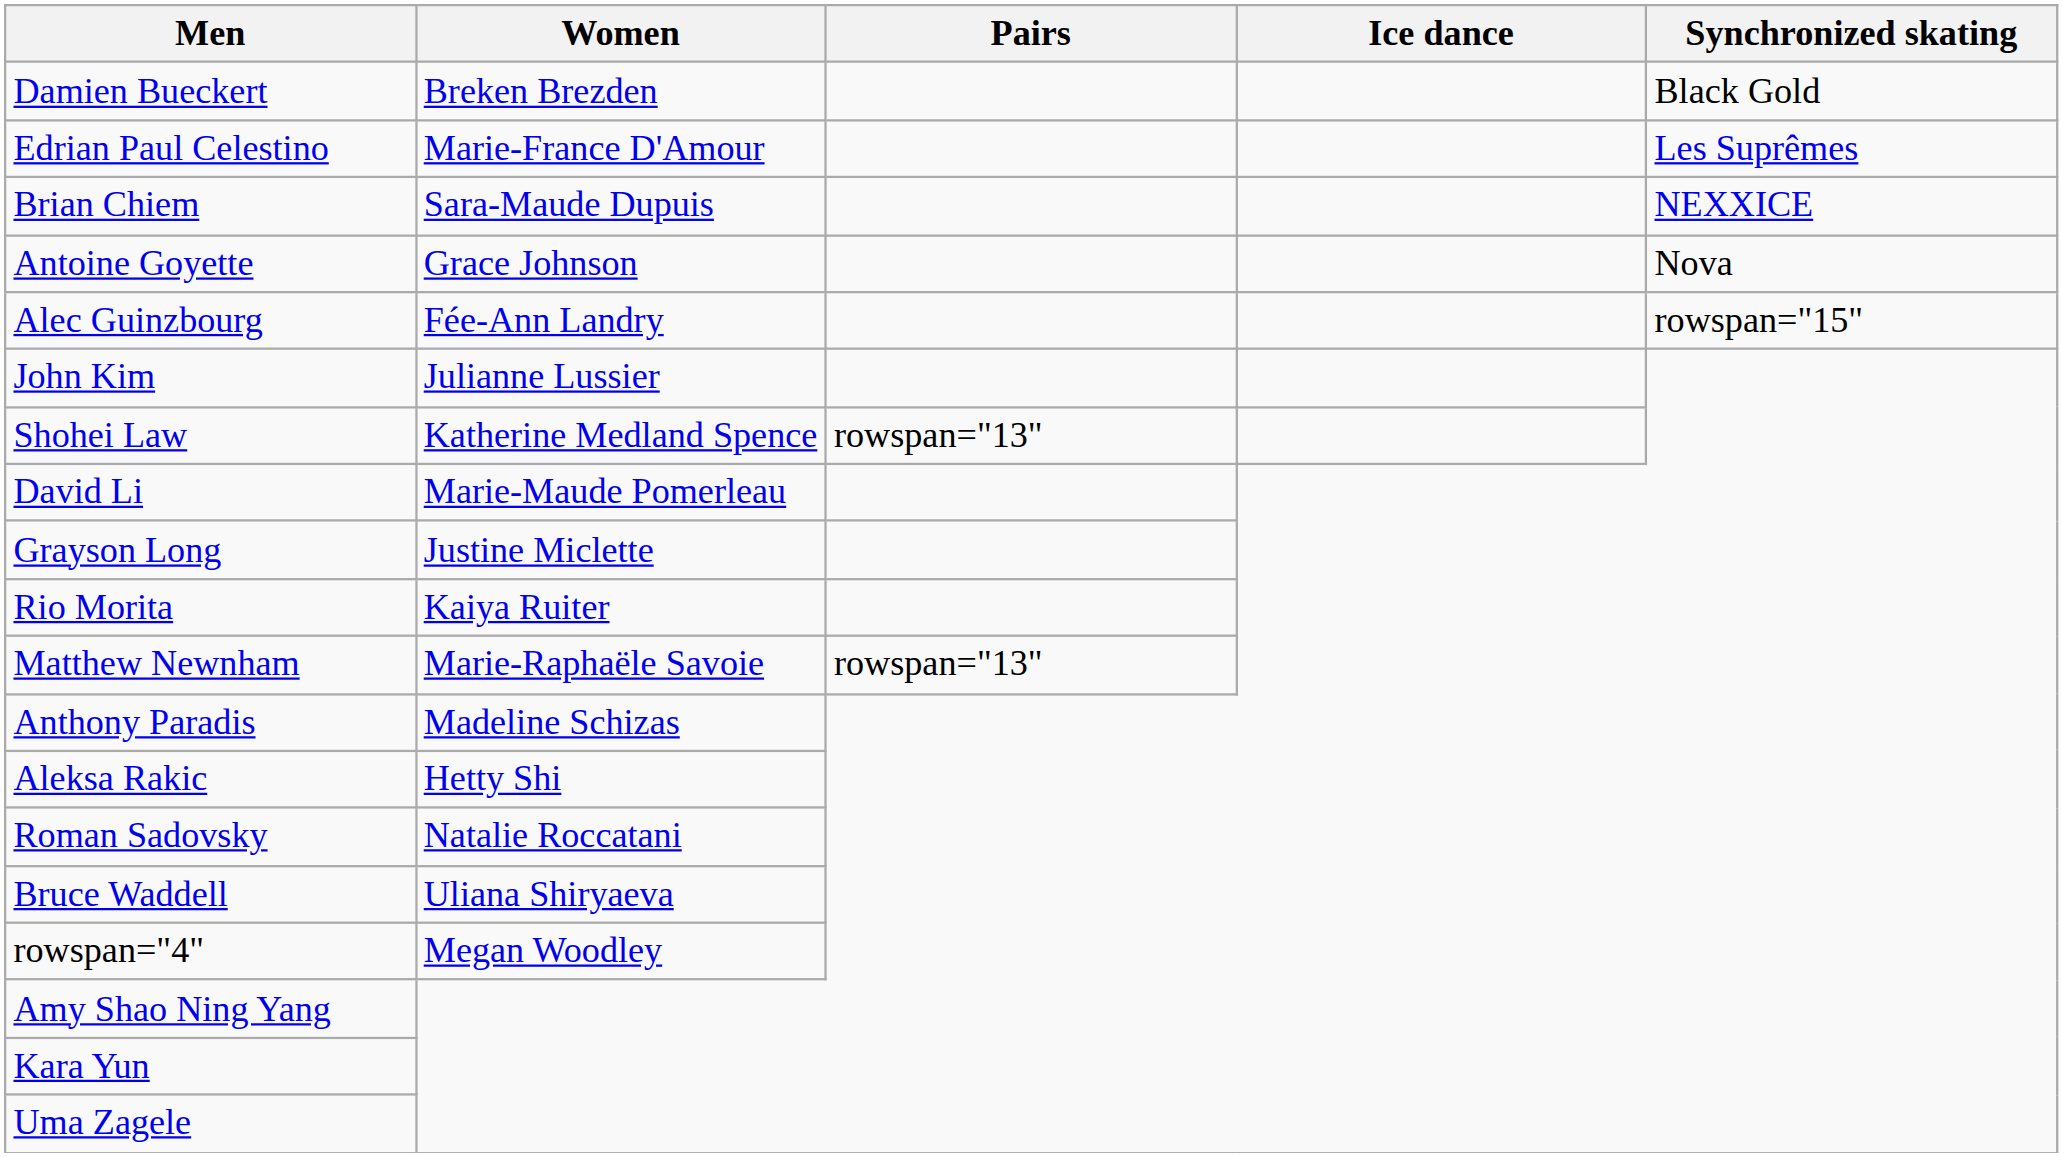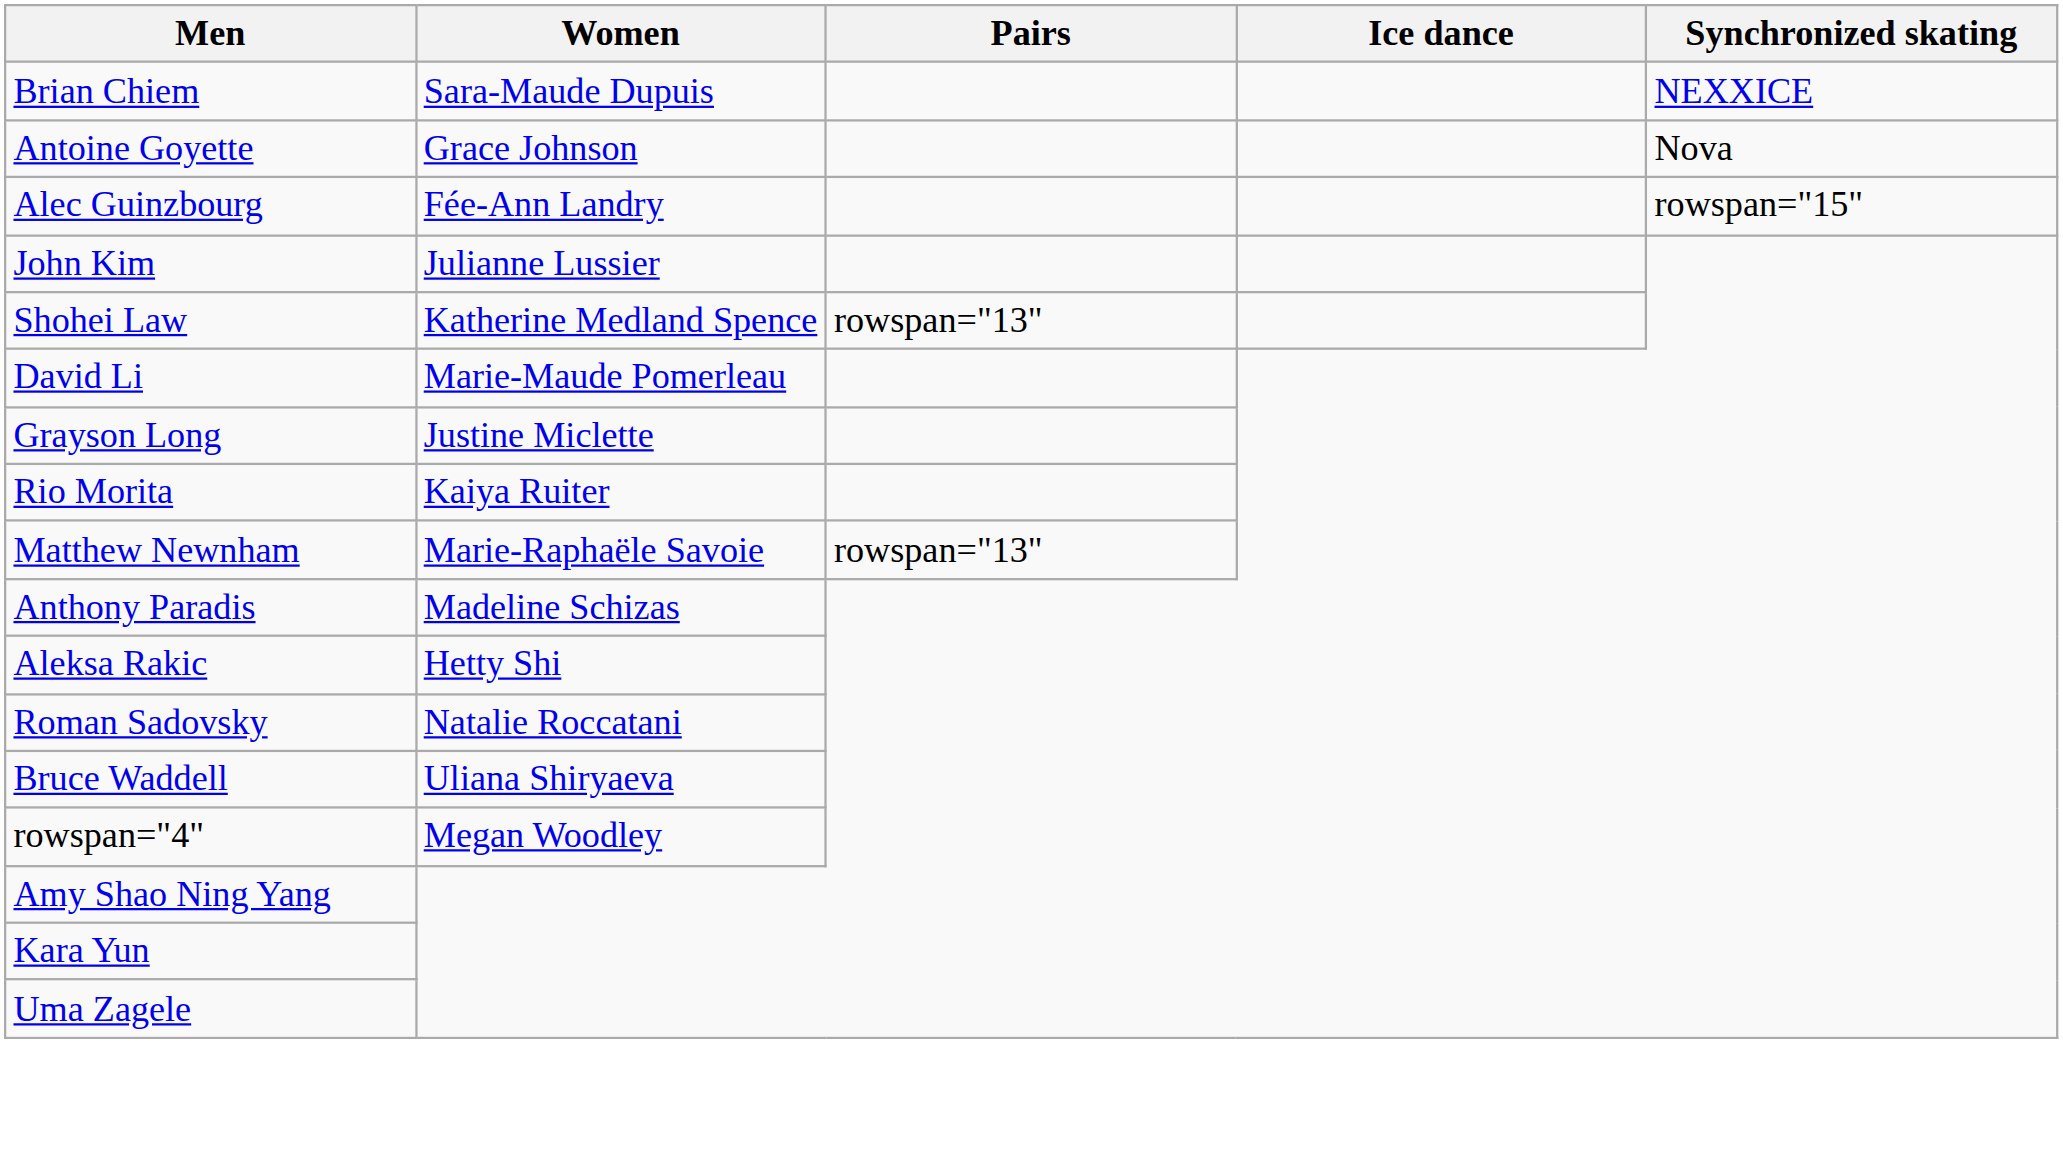 <table class="wikitable unsortable" style="text-align:left;">
 <tr>
 <th scope="col" style="width:20%">Men</th>
 <th scope="col" style="width:20%">Women</th>
 <th scope="col" style="width:20%">Pairs</th>
 <th scope="col" style="width:20%">Ice dance</th>
 <th scope="col" style="width:20%">Synchronized skating</th>
-</tr>
-<tr>
-<td><a href='#'>Damien Bueckert</a></td>
-<td><a href='#'>Breken Brezden</a></td>
-<td></td>
-<td></td>
-<td>Black Gold</td>
-</tr>
-<tr>
-<td><a href='#'>Edrian Paul Celestino</a></td>
-<td><a href='#'>Marie-France D'Amour</a></td>
-<td></td>
-<td></td>
-<td><a href='#'>Les Suprêmes</a></td>
 </tr>
 <tr>
 <td><a href='#'>Brian Chiem</a></td>
 <td><a href='#'>Sara-Maude Dupuis</a></td>
 <td></td>
 <td></td>
 <td><a href='#'>NEXXICE</a></td>
 </tr>
 <tr>
 <td><a href='#'>Antoine Goyette</a></td>
 <td><a href='#'>Grace Johnson</a></td>
 <td></td>
 <td></td>
 <td>Nova</td>
 </tr>
 <tr>
 <td><a href='#'>Alec Guinzbourg</a></td>
 <td><a href='#'>Fée-Ann Landry</a></td>
 <td></td>
 <td></td>
 <td>rowspan="15" </td>
 </tr>
 <tr>
 <td><a href='#'>John Kim</a></td>
 <td><a href='#'>Julianne Lussier</a></td>
 <td></td>
 <td></td>
 </tr>
 <tr>
 <td><a href='#'>Shohei Law</a></td>
 <td><a href='#'>Katherine Medland Spence</a></td>
 <td>rowspan="13" </td>
 <td></td>
 </tr>
 <tr>
 <td><a href='#'>David Li</a></td>
 <td><a href='#'>Marie-Maude Pomerleau</a></td>
 <td></td>
 </tr>
 <tr>
 <td><a href='#'>Grayson Long</a></td>
 <td><a href='#'>Justine Miclette</a></td>
 <td></td>
 </tr>
 <tr>
 <td><a href='#'>Rio Morita</a></td>
 <td><a href='#'>Kaiya Ruiter</a></td>
 <td></td>
 </tr>
 <tr>
 <td><a href='#'>Matthew Newnham</a></td>
 <td><a href='#'>Marie-Raphaële Savoie</a></td>
 <td>rowspan="13" </td>
 </tr>
 <tr>
 <td><a href='#'>Anthony Paradis</a></td>
 <td><a href='#'>Madeline Schizas</a></td>
 </tr>
 <tr>
 <td><a href='#'>Aleksa Rakic</a></td>
 <td><a href='#'>Hetty Shi</a></td>
 </tr>
 <tr>
 <td><a href='#'>Roman Sadovsky</a></td>
 <td><a href='#'>Natalie Roccatani</a></td>
 </tr>
 <tr>
 <td><a href='#'>Bruce Waddell</a></td>
 <td><a href='#'>Uliana Shiryaeva</a></td>
 </tr>
 <tr>
 <td>rowspan="4" </td>
 <td><a href='#'>Megan Woodley</a></td>
 </tr>
 <tr>
 <td><a href='#'>Amy Shao Ning Yang</a></td>
 </tr>
 <tr>
 <td><a href='#'>Kara Yun</a></td>
 </tr>
 <tr>
 <td><a href='#'>Uma Zagele</a></td>
 </tr>
 </table>
